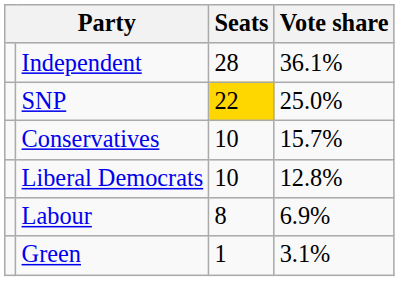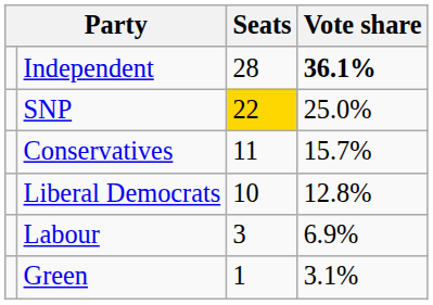 <table class="wikitable">
 <tr>
 <th scope="col"; colspan="2">Party</th>
 <th scope="col">Seats</th>
 <th scope="col">Vote share</th>
 </tr>
 <tr>
 <td style="background-color: "></td>
 <td scope="row"><a href='#'>Independent</a></td>
 <td>28</td>
-<td>36.1%</td>
+<td><strong>36.1%</strong></td>
 </tr>
 <tr>
 <td style="background-color: "></td>
 <td scope="row"><a href='#'>SNP</a></td>
 <td style="background: gold;">22</td>
 <td>25.0%</td>
 </tr>
 <tr>
 <td style="background-color: "></td>
 <td scope="row"><a href='#'>Conservatives</a></td>
-<td>10</td>
+<td>11</td>
 <td>15.7%</td>
 </tr>
 <tr>
 <td style="background-color: "></td>
 <td scope="row"><a href='#'>Liberal Democrats</a></td>
 <td>10</td>
 <td>12.8%</td>
 </tr>
 <tr>
 <td style="background-color: "></td>
 <td scope="row"><a href='#'>Labour</a></td>
-<td>8</td>
+<td>3</td>
 <td>6.9%</td>
 </tr>
 <tr>
 <td style="background-color: "></td>
 <td scope="row"><a href='#'>Green</a></td>
 <td>1</td>
 <td>3.1%</td>
 </tr>
 </table>
